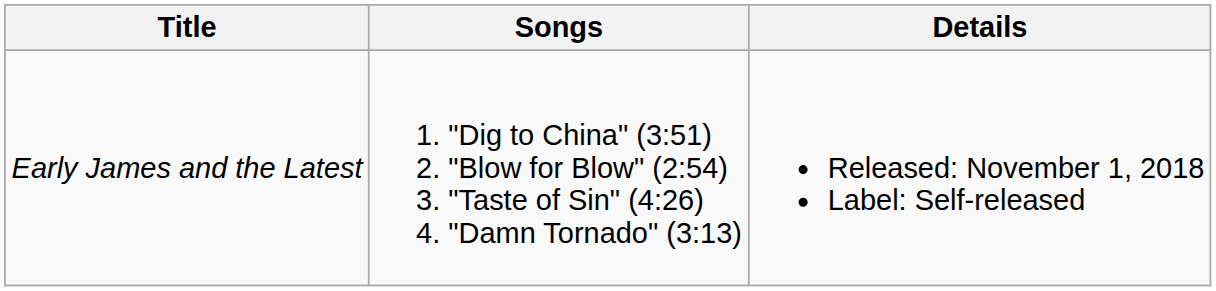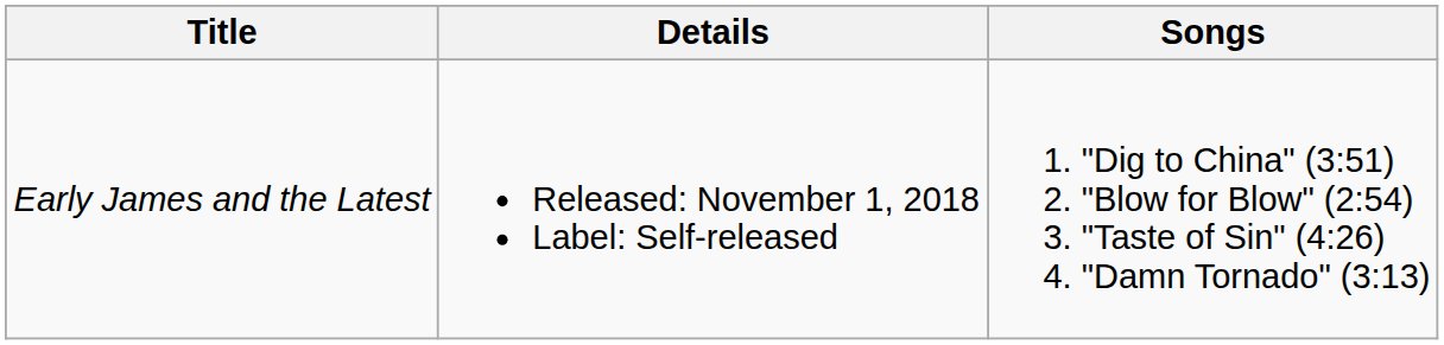 <table class="wikitable">
 <tr>
 <th>Title</th>
+<th>Details</th>
 <th>Songs</th>
-<th>Details</th>
 </tr>
 <tr>
 <td><em>Early James and the Latest</em></td>
+<td><br><ul><li>Released: November 1, 2018</li><li>Label: Self-released</li></ul></td>
 <td><br><ol><li>"Dig to China" (3:51)</li><li>"Blow for Blow" (2:54)</li><li>"Taste of Sin" (4:26)</li><li>"Damn Tornado" (3:13)</li></ol></td>
-<td><br><ul><li>Released: November 1, 2018</li><li>Label: Self-released</li></ul></td>
 </tr>
 </table>
